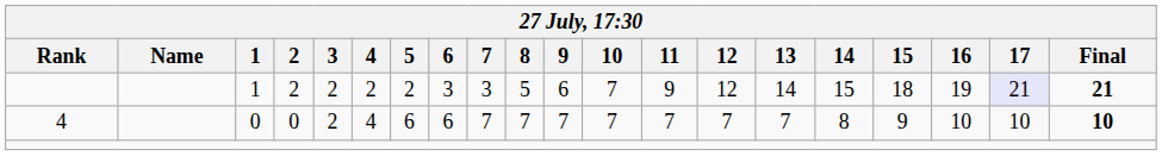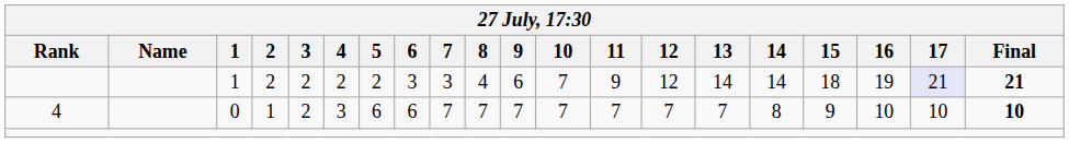 <table class=wikitable style="text-align:center; width: 55%">
 <tr>
 <th colspan=20><em>27 July, 17:30</em></th>
 </tr>
 <tr>
 <th>Rank</th>
 <th>Name</th>
 <th>1</th>
 <th>2</th>
 <th>3</th>
 <th>4</th>
 <th>5</th>
 <th>6</th>
 <th>7</th>
 <th>8</th>
 <th>9</th>
 <th>10</th>
 <th>11</th>
 <th>12</th>
 <th>13</th>
 <th>14</th>
 <th>15</th>
 <th>16</th>
 <th>17</th>
 <th>Final</th>
 </tr>
 <tr>
 <td></td>
 <td align=left><strong></strong></td>
 <td>1</td>
 <td>2</td>
 <td>2</td>
 <td>2</td>
 <td>2</td>
 <td>3</td>
 <td>3</td>
-<td>5</td>
+<td>4</td>
 <td>6</td>
 <td>7</td>
 <td>9</td>
 <td>12</td>
 <td>14</td>
-<td>15</td>
+<td>14</td>
 <td>18</td>
 <td>19</td>
 <td style="background: lavender;">21</td>
 <td><strong>21</strong></td>
 </tr>
 <tr>
 <td>4</td>
 <td align=left></td>
 <td>0</td>
-<td>0</td>
+<td>1</td>
 <td>2</td>
-<td>4</td>
+<td>3</td>
 <td>6</td>
 <td>6</td>
 <td>7</td>
 <td>7</td>
 <td>7</td>
 <td>7</td>
 <td>7</td>
 <td>7</td>
 <td>7</td>
 <td>8</td>
 <td>9</td>
 <td>10</td>
 <td>10</td>
 <td><strong>10</strong></td>
 </tr>
 <tr>
 <td colspan=20></td>
 </tr>
 </table>
